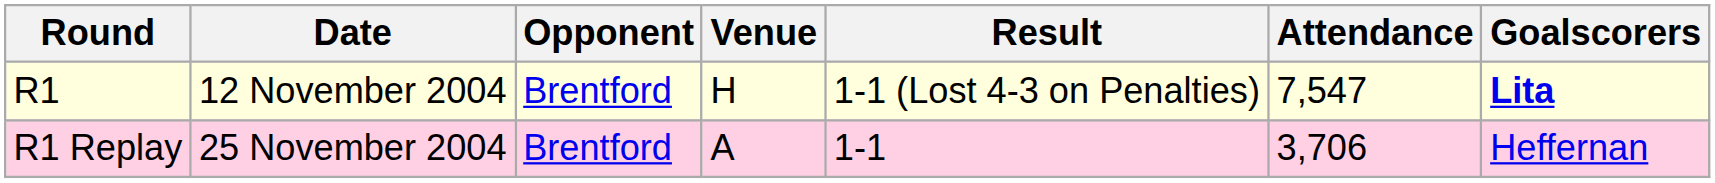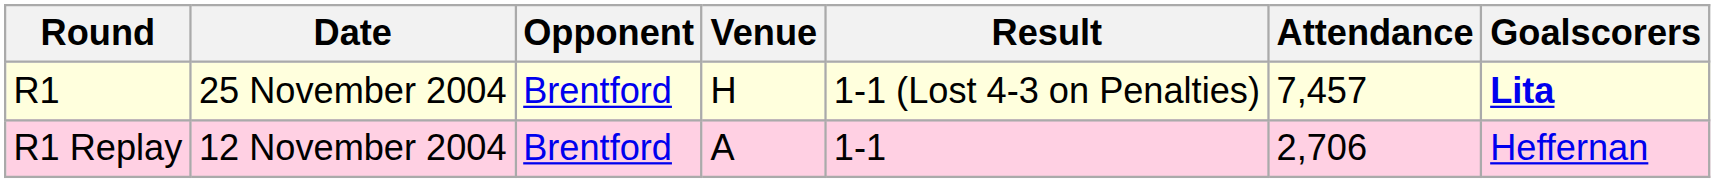 <table class="wikitable">
 <tr>
 <th>Round</th>
 <th>Date</th>
 <th>Opponent</th>
 <th>Venue</th>
 <th>Result</th>
 <th>Attendance</th>
 <th>Goalscorers</th>
 </tr>
 <tr style="background-color: #ffffdd;">
 <td>R1</td>
-<td>12 November 2004</td>
+<td>25 November 2004</td>
 <td><a href='#'>Brentford</a></td>
 <td>H</td>
 <td>1-1 (Lost 4-3 on Penalties)</td>
-<td>7,547</td>
+<td>7,457</td>
 <td><strong><a href='#'>Lita</a></strong></td>
 </tr>
 <tr style="background-color: #ffd0e3;">
 <td>R1 Replay</td>
-<td>25 November 2004</td>
+<td>12 November 2004</td>
 <td><a href='#'>Brentford</a></td>
 <td>A</td>
 <td>1-1</td>
-<td>3,706</td>
+<td>2,706</td>
 <td><a href='#'>Heffernan</a></td>
 </tr>
 </table>
